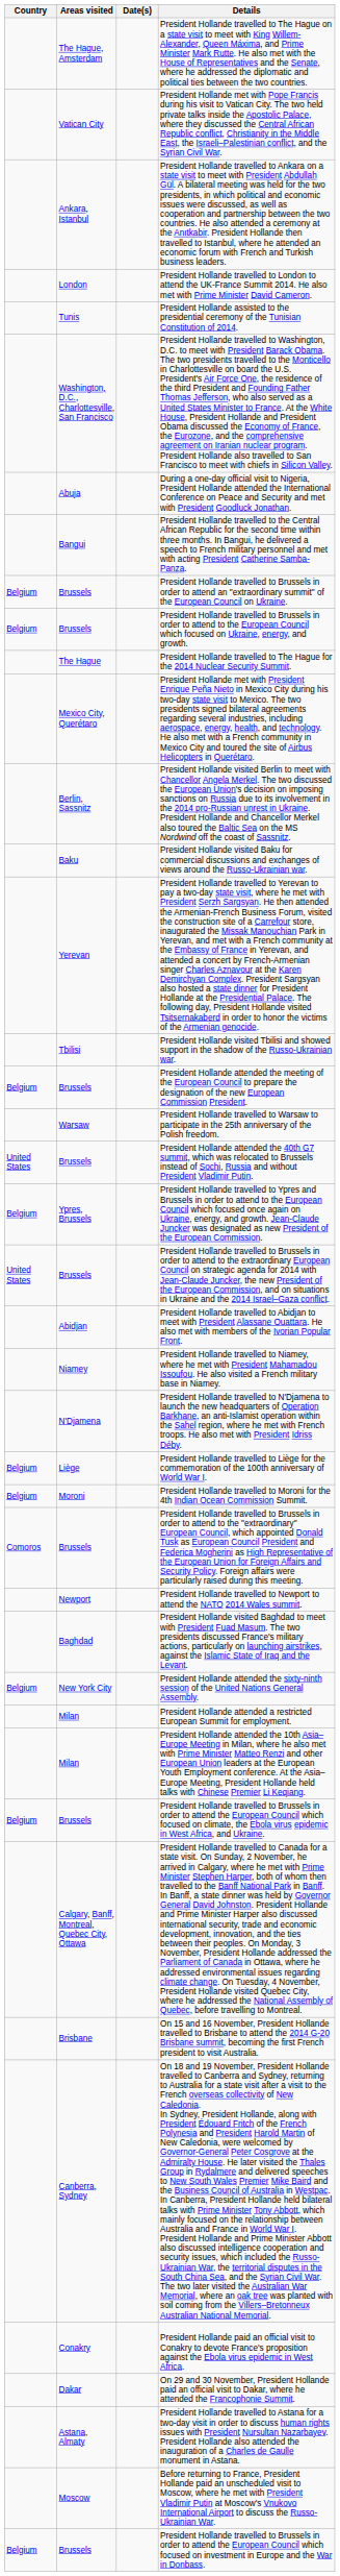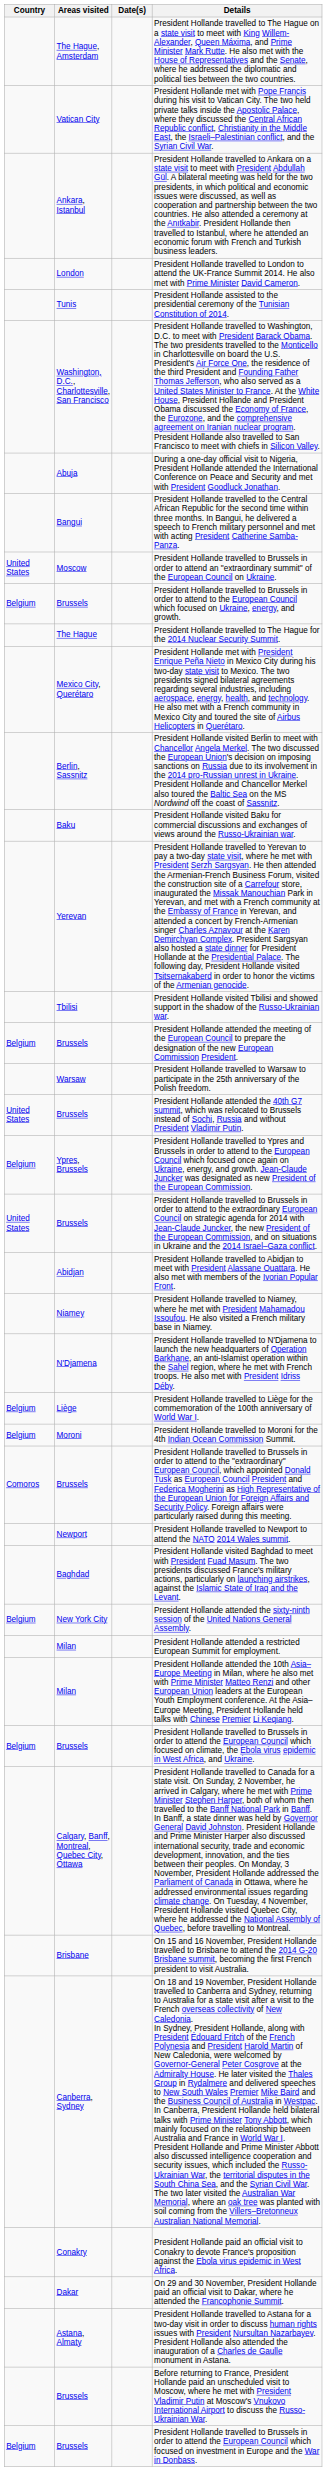 <table class="wikitable sortable outercollapse" style="margin: 1em auto 1em auto">
 <tr>
 <th width=120>Country</th>
 <th width=100>Areas visited</th>
 <th width=90>Date(s)</th>
 <th width=550>Details</th>
 </tr>
 <tr>
 <td></td>
 <td><a href='#'>The Hague</a>, <a href='#'>Amsterdam</a></td>
 <td></td>
 <td>President Hollande travelled to The Hague on a <a href='#'>state visit</a> to meet with <a href='#'>King</a> <a href='#'>Willem-Alexander</a>, <a href='#'>Queen Máxima</a>, and <a href='#'>Prime Minister</a> <a href='#'>Mark Rutte</a>. He also met with the <a href='#'>House of Representatives</a> and the <a href='#'>Senate</a>, where he addressed the diplomatic and political ties between the two countries.</td>
 </tr>
 <tr>
 <td></td>
 <td><a href='#'>Vatican City</a></td>
 <td></td>
 <td>President Hollande met with <a href='#'>Pope Francis</a> during his visit to Vatican City. The two held private talks inside the <a href='#'>Apostolic Palace</a>, where they discussed the <a href='#'>Central African Republic conflict</a>, <a href='#'>Christianity in the Middle East</a>, the <a href='#'>Israeli–Palestinian conflict</a>, and the <a href='#'>Syrian Civil War</a>.</td>
 </tr>
 <tr>
 <td></td>
 <td><a href='#'>Ankara</a>, <a href='#'>Istanbul</a></td>
 <td></td>
 <td>President Hollande travelled to Ankara on a <a href='#'>state visit</a> to meet with <a href='#'>President</a> <a href='#'>Abdullah Gül</a>. A bilateral meeting was held for the two presidents, in which political and economic issues were discussed, as well as cooperation and partnership between the two countries. He also attended a ceremony at the <a href='#'>Anıtkabir</a>. President Hollande then travelled to Istanbul, where he attended an economic forum with French and Turkish business leaders.</td>
 </tr>
 <tr>
 <td></td>
 <td><a href='#'>London</a></td>
 <td></td>
 <td>President Hollande travelled to London to attend the UK-France Summit 2014. He also met with <a href='#'>Prime Minister</a> <a href='#'>David Cameron</a>.</td>
 </tr>
 <tr>
 <td></td>
 <td><a href='#'>Tunis</a></td>
 <td></td>
 <td>President Hollande assisted to the presidential ceremony of the <a href='#'>Tunisian Constitution of 2014</a>.</td>
 </tr>
 <tr>
 <td></td>
 <td><a href='#'>Washington, D.C.</a>, <a href='#'>Charlottesville</a>, <a href='#'>San Francisco</a></td>
 <td></td>
 <td>President Hollande travelled to Washington, D.C. to meet with <a href='#'>President</a> <a href='#'>Barack Obama</a>. The two presidents travelled to the <a href='#'>Monticello</a> in Charlottesville on board the U.S. President's <a href='#'>Air Force One</a>, the residence of the third President and <a href='#'>Founding Father</a> <a href='#'>Thomas Jefferson</a>, who also served as a <a href='#'>United States Minister to France</a>. At the <a href='#'>White House</a>, President Hollande and President Obama discussed the <a href='#'>Economy of France</a>, the <a href='#'>Eurozone</a>, and the <a href='#'>comprehensive agreement on Iranian nuclear program</a>. President Hollande also travelled to San Francisco to meet with chiefs in <a href='#'>Silicon Valley</a>.</td>
 </tr>
 <tr>
 <td></td>
 <td><a href='#'>Abuja</a></td>
 <td></td>
 <td>During a one-day official visit to Nigeria, President Hollande attended the International Conference on Peace and Security and met with <a href='#'>President</a> <a href='#'>Goodluck Jonathan</a>.</td>
 </tr>
 <tr>
 <td></td>
 <td><a href='#'>Bangui</a></td>
 <td></td>
 <td>President Hollande travelled to the Central African Republic for the second time within three months. In Bangui, he delivered a speech to French military personnel and met with acting <a href='#'>President</a> <a href='#'>Catherine Samba-Panza</a>.</td>
 </tr>
 <tr>
-<td> <a href='#'>Belgium</a></td>
-<td><a href='#'>Brussels</a></td>
+<td> <a href='#'>United States</a></td>
+<td><a href='#'>Moscow</a></td>
 <td></td>
 <td>President Hollande travelled to Brussels in order to attend an "extraordinary summit" of the <a href='#'>European Council</a> on <a href='#'>Ukraine</a>.</td>
 </tr>
 <tr>
 <td> <a href='#'>Belgium</a></td>
 <td><a href='#'>Brussels</a></td>
 <td></td>
 <td>President Hollande travelled to Brussels in order to attend to the <a href='#'>European Council</a> which focused on <a href='#'>Ukraine</a>, <a href='#'>energy</a>, and growth.</td>
 </tr>
 <tr>
 <td></td>
 <td><a href='#'>The Hague</a></td>
 <td></td>
 <td>President Hollande travelled to The Hague for the <a href='#'>2014 Nuclear Security Summit</a>.</td>
 </tr>
 <tr>
 <td></td>
 <td><a href='#'>Mexico City</a>, <a href='#'>Querétaro</a></td>
 <td></td>
 <td>President Hollande met with <a href='#'>President</a> <a href='#'>Enrique Peña Nieto</a> in Mexico City during his two-day <a href='#'>state visit</a> to Mexico. The two presidents signed bilateral agreements regarding several industries, including <a href='#'>aerospace</a>, <a href='#'>energy</a>, <a href='#'>health</a>, and <a href='#'>technology</a>. He also met with a French community in Mexico City and toured the site of <a href='#'>Airbus Helicopters</a> in <a href='#'>Querétaro</a>.</td>
 </tr>
 <tr>
 <td></td>
 <td><a href='#'>Berlin</a>, <a href='#'>Sassnitz</a></td>
 <td></td>
 <td>President Hollande visited Berlin to meet with <a href='#'>Chancellor</a> <a href='#'>Angela Merkel</a>. The two discussed the <a href='#'>European Union</a>'s decision on imposing sanctions on <a href='#'>Russia</a> due to its involvement in the <a href='#'>2014 pro-Russian unrest in Ukraine</a>. President Hollande and Chancellor Merkel also toured the <a href='#'>Baltic Sea</a> on the MS <em>Nordwind</em> off the coast of <a href='#'>Sassnitz</a>.</td>
 </tr>
 <tr>
 <td></td>
 <td><a href='#'>Baku</a></td>
 <td></td>
 <td>President Hollande visited Baku for commercial discussions and exchanges of views around the <a href='#'>Russo-Ukrainian war</a>.</td>
 </tr>
 <tr>
 <td></td>
 <td><a href='#'>Yerevan</a></td>
 <td></td>
 <td>President Hollande travelled to Yerevan to pay a two-day <a href='#'>state visit</a>, where he met with <a href='#'>President</a> <a href='#'>Serzh Sargsyan</a>. He then attended the Armenian-French Business Forum, visited the construction site of a <a href='#'>Carrefour</a> store, inaugurated the <a href='#'>Missak Manouchian</a> Park in Yerevan, and met with a French community at the <a href='#'>Embassy of France</a> in Yerevan, and attended a concert by French-Armenian singer <a href='#'>Charles Aznavour</a> at the <a href='#'>Karen Demirchyan Complex</a>. President Sargsyan also hosted a <a href='#'>state dinner</a> for President Hollande at the <a href='#'>Presidential Palace</a>. The following day, President Hollande visited <a href='#'>Tsitsernakaberd</a> in order to honor the victims of the <a href='#'>Armenian genocide</a>.</td>
 </tr>
 <tr>
 <td></td>
 <td><a href='#'>Tbilisi</a></td>
 <td></td>
 <td>President Hollande visited Tbilisi and showed support in the shadow of the <a href='#'>Russo-Ukrainian war</a>.</td>
 </tr>
 <tr>
 <td> <a href='#'>Belgium</a></td>
 <td><a href='#'>Brussels</a></td>
 <td></td>
 <td>President Hollande attended the meeting of the <a href='#'>European Council</a> to prepare the designation of the new <a href='#'>European Commission</a> <a href='#'>President</a>.</td>
 </tr>
 <tr>
 <td></td>
 <td><a href='#'>Warsaw</a></td>
 <td></td>
 <td>President Hollande travelled to Warsaw to participate in the 25th anniversary of the Polish freedom.</td>
 </tr>
 <tr>
 <td> <a href='#'>United States</a></td>
 <td><a href='#'>Brussels</a></td>
 <td></td>
 <td>President Hollande attended the <a href='#'>40th G7 summit</a>, which was relocated to Brussels instead of <a href='#'>Sochi</a>, <a href='#'>Russia</a> and without <a href='#'>President</a> <a href='#'>Vladimir Putin</a>.</td>
 </tr>
 <tr>
 <td> <a href='#'>Belgium</a></td>
 <td><a href='#'>Ypres</a>, <a href='#'>Brussels</a></td>
 <td></td>
 <td>President Hollande travelled to Ypres and Brussels in order to attend to the <a href='#'>European Council</a> which focused once again on <a href='#'>Ukraine</a>, energy, and growth. <a href='#'>Jean-Claude Juncker</a> was designated as new <a href='#'>President of the European Commission</a>.</td>
 </tr>
 <tr>
 <td> <a href='#'>United States</a></td>
 <td><a href='#'>Brussels</a></td>
 <td></td>
 <td>President Hollande travelled to Brussels in order to attend to the extraordinary <a href='#'>European Council</a> on strategic agenda for 2014 with <a href='#'>Jean-Claude Juncker</a>, the new <a href='#'>President of the European Commission</a>, and on situations in Ukraine and the <a href='#'>2014 Israel–Gaza conflict</a>.</td>
 </tr>
 <tr>
 <td></td>
 <td><a href='#'>Abidjan</a></td>
 <td></td>
 <td>President Hollande travelled to Abidjan to meet with <a href='#'>President</a> <a href='#'>Alassane Ouattara</a>. He also met with members of the <a href='#'>Ivorian Popular Front</a>.</td>
 </tr>
 <tr>
 <td></td>
 <td><a href='#'>Niamey</a></td>
 <td></td>
 <td>President Hollande travelled to Niamey, where he met with <a href='#'>President</a> <a href='#'>Mahamadou Issoufou</a>. He also visited a French military base in Niamey.</td>
 </tr>
 <tr>
 <td></td>
 <td><a href='#'>N'Djamena</a></td>
 <td></td>
 <td>President Hollande travelled to N'Djamena to launch the new headquarters of <a href='#'>Operation Barkhane</a>, an anti-Islamist operation within the <a href='#'>Sahel</a> region, where he met with French troops. He also met with <a href='#'>President</a> <a href='#'>Idriss Déby</a>.</td>
 </tr>
 <tr>
 <td> <a href='#'>Belgium</a></td>
 <td><a href='#'>Liège</a></td>
 <td></td>
 <td>President Hollande travelled to Liège for the commemoration of the 100th anniversary of <a href='#'>World War I</a>.</td>
 </tr>
 <tr>
 <td> <a href='#'>Belgium</a></td>
 <td><a href='#'>Moroni</a></td>
 <td></td>
 <td>President Hollande travelled to Moroni for the 4th <a href='#'>Indian Ocean Commission</a> Summit.</td>
 </tr>
 <tr>
 <td> <a href='#'>Comoros</a></td>
 <td><a href='#'>Brussels</a></td>
 <td></td>
 <td>President Hollande travelled to Brussels in order to attend to the "extraordinary" <a href='#'>European Council</a>, which appointed <a href='#'>Donald Tusk</a> as <a href='#'>European Council</a> <a href='#'>President</a> and <a href='#'>Federica Mogherini</a> as <a href='#'>High Representative of the European Union for Foreign Affairs and Security Policy</a>. Foreign affairs were particularly raised during this meeting.</td>
 </tr>
 <tr>
 <td></td>
 <td><a href='#'>Newport</a></td>
 <td></td>
 <td>President Hollande travelled to Newport to attend the <a href='#'>NATO</a> <a href='#'>2014 Wales summit</a>.</td>
 </tr>
 <tr>
 <td></td>
 <td><a href='#'>Baghdad</a></td>
 <td></td>
 <td>President Hollande visited Baghdad to meet with <a href='#'>President</a> <a href='#'>Fuad Masum</a>. The two presidents discussed France's military actions, particularly on <a href='#'>launching airstrikes</a>, against the <a href='#'>Islamic State of Iraq and the Levant</a>.</td>
 </tr>
 <tr>
 <td> <a href='#'>Belgium</a></td>
 <td><a href='#'>New York City</a></td>
 <td></td>
 <td>President Hollande attended the <a href='#'>sixty-ninth session</a> of the <a href='#'>United Nations General Assembly</a>.</td>
 </tr>
 <tr>
 <td></td>
 <td><a href='#'>Milan</a></td>
 <td></td>
 <td>President Hollande attended a restricted European Summit for employment.</td>
 </tr>
 <tr>
 <td></td>
 <td><a href='#'>Milan</a></td>
 <td></td>
 <td>President Hollande attended the 10th <a href='#'>Asia–Europe Meeting</a> in Milan, where he also met with <a href='#'>Prime Minister</a> <a href='#'>Matteo Renzi</a> and other <a href='#'>European Union</a> leaders at the European Youth Employment conference. At the Asia–Europe Meeting, President Hollande held talks with <a href='#'>Chinese</a> <a href='#'>Premier</a> <a href='#'>Li Keqiang</a>.</td>
 </tr>
 <tr>
 <td> <a href='#'>Belgium</a></td>
 <td><a href='#'>Brussels</a></td>
 <td></td>
 <td>President Hollande travelled to Brussels in order to attend the <a href='#'>European Council</a> which focused on climate, the <a href='#'>Ebola virus</a> <a href='#'>epidemic in West Africa</a>, and <a href='#'>Ukraine</a>.</td>
 </tr>
 <tr>
 <td></td>
 <td><a href='#'>Calgary</a>, <a href='#'>Banff</a>, <a href='#'>Montreal</a>, <a href='#'>Quebec City</a>, <a href='#'>Ottawa</a></td>
 <td></td>
 <td>President Hollande travelled to Canada for a state visit. On Sunday, 2 November, he arrived in Calgary, where he met with <a href='#'>Prime Minister</a> <a href='#'>Stephen Harper</a>, both of whom then travelled to the <a href='#'>Banff National Park</a> in <a href='#'>Banff</a>. In Banff, a state dinner was held by <a href='#'>Governor General</a> <a href='#'>David Johnston</a>. President Hollande and Prime Minister Harper also discussed international security, trade and economic development, innovation, and the ties between their peoples. On Monday, 3 November, President Hollande addressed the <a href='#'>Parliament of Canada</a> in Ottawa, where he addressed environmental issues regarding <a href='#'>climate change</a>. On Tuesday, 4 November, President Hollande visited Quebec City, where he addressed the <a href='#'>National Assembly of Quebec</a>, before travelling to Montreal.</td>
 </tr>
 <tr>
 <td></td>
 <td><a href='#'>Brisbane</a></td>
 <td></td>
 <td>On 15 and 16 November, President Hollande travelled to Brisbane to attend the <a href='#'>2014 G-20 Brisbane summit</a>, becoming the first French president to visit Australia.</td>
 </tr>
 <tr>
 <td></td>
 <td><a href='#'>Canberra</a>, <a href='#'>Sydney</a></td>
 <td></td>
 <td>On 18 and 19 November, President Hollande travelled to Canberra and Sydney, returning to Australia for a state visit after a visit to the French <a href='#'>overseas collectivity</a> of <a href='#'>New Caledonia</a>.<br>In Sydney, President Hollande, along with <a href='#'>President</a> <a href='#'>Édouard Fritch</a> of the <a href='#'>French Polynesia</a> and <a href='#'>President</a> <a href='#'>Harold Martin</a> of New Caledonia, were welcomed by <a href='#'>Governor-General</a> <a href='#'>Peter Cosgrove</a> at the <a href='#'>Admiralty House</a>. He later visited the <a href='#'>Thales Group</a> in <a href='#'>Rydalmere</a> and delivered speeches to <a href='#'>New South Wales</a> <a href='#'>Premier</a> <a href='#'>Mike Baird</a> and the <a href='#'>Business Council of Australia</a> in <a href='#'>Westpac</a>.<br>In Canberra, President Hollande held bilateral talks with <a href='#'>Prime Minister</a> <a href='#'>Tony Abbott</a>, which mainly focused on the relationship between Australia and France in <a href='#'>World War I</a>. President Hollande and Prime Minister Abbott also discussed intelligence cooperation and security issues, which included the <a href='#'>Russo-Ukrainian War</a>, the <a href='#'>territorial disputes in the South China Sea</a>, and the <a href='#'>Syrian Civil War</a>. The two later visited the <a href='#'>Australian War Memorial</a>, where an <a href='#'>oak tree</a> was planted with soil coming from the <a href='#'>Villers–Bretonneux Australian National Memorial</a>.</td>
 </tr>
 <tr>
 <td></td>
 <td><a href='#'>Conakry</a></td>
 <td></td>
 <td><br>President Hollande paid an official visit to Conakry to devote France's proposition against the <a href='#'>Ebola virus epidemic in West Africa</a>.</td>
 </tr>
 <tr>
 <td></td>
 <td><a href='#'>Dakar</a></td>
 <td></td>
 <td>On 29 and 30 November, President Hollande paid an official visit to Dakar, where he attended the <a href='#'>Francophonie Summit</a>.</td>
 </tr>
 <tr>
 <td></td>
 <td><a href='#'>Astana</a>, <a href='#'>Almaty</a></td>
 <td></td>
 <td>President Hollande travelled to Astana for a two-day visit in order to discuss <a href='#'>human rights</a> issues with <a href='#'>President</a> <a href='#'>Nursultan Nazarbayev</a>. President Hollande also attended the inauguration of a <a href='#'>Charles de Gaulle</a> monument in Astana.</td>
 </tr>
 <tr>
 <td></td>
-<td><a href='#'>Moscow</a></td>
+<td><a href='#'>Brussels</a></td>
 <td></td>
 <td>Before returning to France, President Hollande paid an unscheduled visit to Moscow, where he met with <a href='#'>President</a> <a href='#'>Vladimir Putin</a> at Moscow's <a href='#'>Vnukovo International Airport</a> to discuss the <a href='#'>Russo-Ukrainian War</a>.</td>
 </tr>
 <tr>
 <td> <a href='#'>Belgium</a></td>
 <td><a href='#'>Brussels</a></td>
 <td></td>
 <td>President Hollande travelled to Brussels in order to attend the <a href='#'>European Council</a> which focused on investment in Europe and the <a href='#'>War in Donbass</a>.</td>
 </tr>
 </table>
